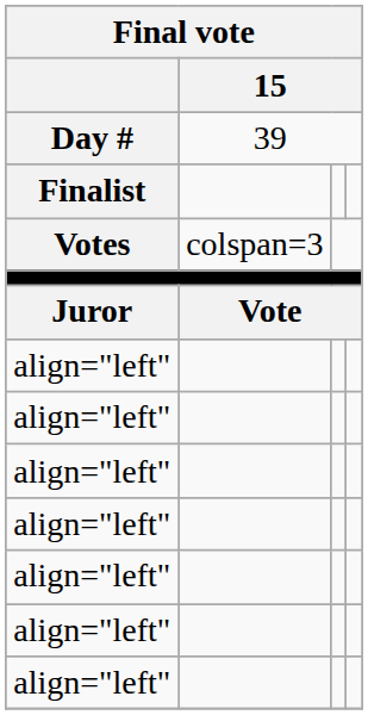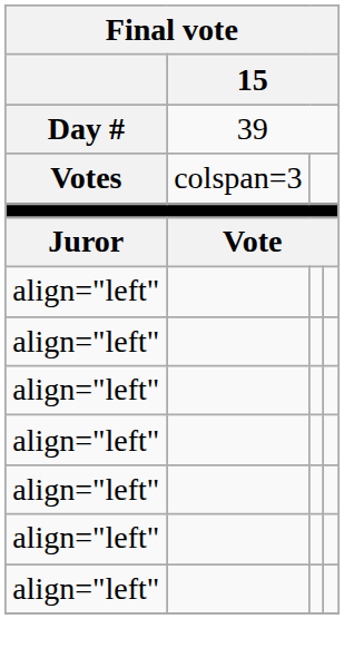 <table class="wikitable" style="text-align:center">
 <tr>
 <th colspan="4">Final vote</th>
 </tr>
 <tr>
 <th></th>
 <th colspan="3">15</th>
 </tr>
 <tr>
 <th>Day #</th>
 <td colspan="3">39</td>
-</tr>
-<tr>
-<th>Finalist</th>
-<td></td>
-<td></td>
-<td></td>
 </tr>
 <tr>
 <th>Votes</th>
 <td>colspan=3 </td>
 </tr>
 <tr>
 <td colspan=4 bgcolor=black></td>
 </tr>
 <tr>
 <th>Juror</th>
 <th colspan="3">Vote</th>
 </tr>
 <tr>
 <td>align="left" </td>
 <td></td>
 <td></td>
 <td></td>
 </tr>
 <tr>
 <td>align="left" </td>
 <td></td>
 <td></td>
 <td></td>
 </tr>
 <tr>
 <td>align="left" </td>
 <td></td>
 <td></td>
 <td></td>
 </tr>
 <tr>
 <td>align="left" </td>
 <td></td>
 <td></td>
 <td></td>
 </tr>
 <tr>
 <td>align="left" </td>
 <td></td>
 <td></td>
 <td></td>
 </tr>
 <tr>
 <td>align="left" </td>
 <td></td>
 <td></td>
 <td></td>
 </tr>
 <tr>
 <td>align="left" </td>
 <td></td>
 <td></td>
 <td></td>
 </tr>
 <tr>
 </tr>
 </table>
